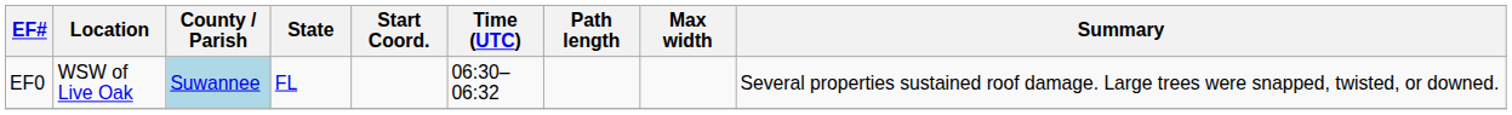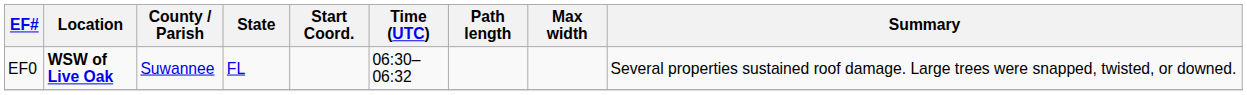 <table class="wikitable sortable" style="width:100%;">
 <tr>
 <th scope="col" style="width:3%; text-align:center;"><a href='#'>EF#</a></th>
 <th scope="col" style="width:7%; text-align:center;" class="unsortable">Location</th>
 <th scope="col" style="width:6%; text-align:center;" class="unsortable">County / Parish</th>
 <th scope="col" style="width:5%; text-align:center;">State</th>
 <th scope="col" style="width:6%; text-align:center;">Start Coord.</th>
 <th scope="col" style="width:6%; text-align:center;">Time (<a href='#'>UTC</a>)</th>
 <th scope="col" style="width:6%; text-align:center;">Path length</th>
 <th scope="col" style="width:6%; text-align:center;">Max width</th>
 <th scope="col" class="unsortable" style="width:48%; text-align:center;">Summary</th>
 </tr>
 <tr>
 <td>EF0</td>
-<td>WSW of <a href='#'>Live Oak</a></td>
-<td style="background: lightblue;"><a href='#'>Suwannee</a></td>
+<td><strong>WSW of <a href='#'>Live Oak</a></strong></td>
+<td><a href='#'>Suwannee</a></td>
 <td><a href='#'>FL</a></td>
 <td></td>
 <td>06:30–06:32</td>
 <td></td>
 <td></td>
 <td>Several properties sustained roof damage. Large trees were snapped, twisted, or downed.</td>
 </tr>
 <tr>
 </tr>
 </table>
